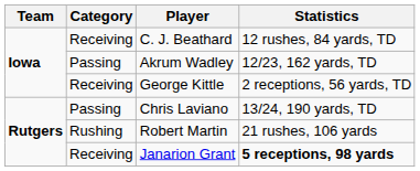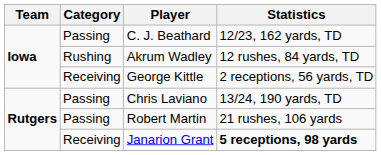 <table class="wikitable" style="float: left;">
 <tr>
 <th>Team</th>
 <th>Category</th>
 <th>Player</th>
 <th>Statistics</th>
 </tr>
 <tr>
 <td rowspan=3><strong>Iowa</strong></td>
-<td>Receiving</td>
+<td>Passing</td>
 <td>C. J. Beathard</td>
-<td>12 rushes, 84 yards, TD</td>
+<td>12/23, 162 yards, TD</td>
 </tr>
 <tr>
-<td>Passing</td>
+<td>Rushing</td>
 <td>Akrum Wadley</td>
-<td>12/23, 162 yards, TD</td>
+<td>12 rushes, 84 yards, TD</td>
 </tr>
 <tr>
 <td>Receiving</td>
 <td>George Kittle</td>
 <td>2 receptions, 56 yards, TD</td>
 </tr>
 <tr>
 <td rowspan=3><strong>Rutgers</strong></td>
 <td>Passing</td>
 <td>Chris Laviano</td>
 <td>13/24, 190 yards, TD</td>
 </tr>
 <tr>
-<td>Rushing</td>
+<td>Passing</td>
 <td>Robert Martin</td>
 <td>21 rushes, 106 yards</td>
 </tr>
 <tr>
 <td>Receiving</td>
 <td><a href='#'>Janarion Grant</a></td>
 <td><strong>5 receptions, 98 yards</strong></td>
 </tr>
 </table>
